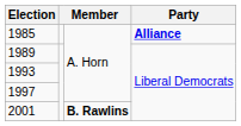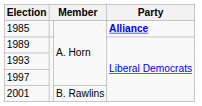 <table class="wikitable">
 <tr>
 <th>Election</th>
 <th colspan="2">Member</th>
 <th>Party</th>
 </tr>
 <tr>
 <td>1985</td>
 <td rowspan="1" style="background-color: "></td>
 <td rowspan="4">A. Horn</td>
 <td rowspan="1"><strong><a href='#'>Alliance</a></strong></td>
 </tr>
 <tr>
 <td>1989</td>
 <td rowspan="4" style="background-color: "></td>
 <td rowspan="4"><a href='#'>Liberal Democrats</a></td>
 </tr>
 <tr>
 <td>1993</td>
 </tr>
 <tr>
 <td>1997</td>
 </tr>
 <tr>
 <td>2001</td>
-<td><strong>B. Rawlins</strong></td>
+<td>B. Rawlins</td>
 </tr>
 </table>
